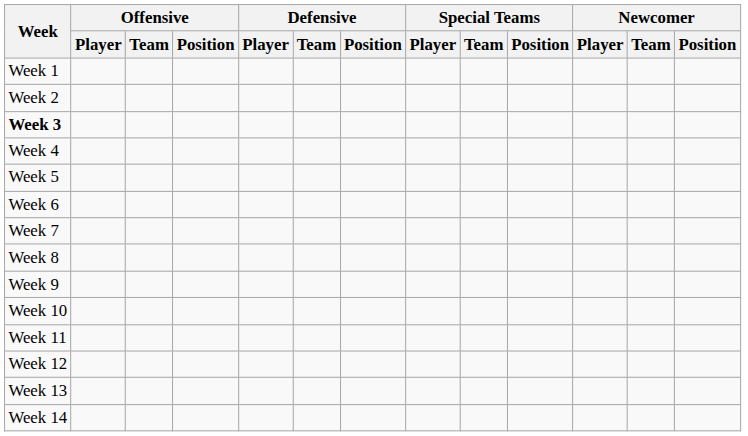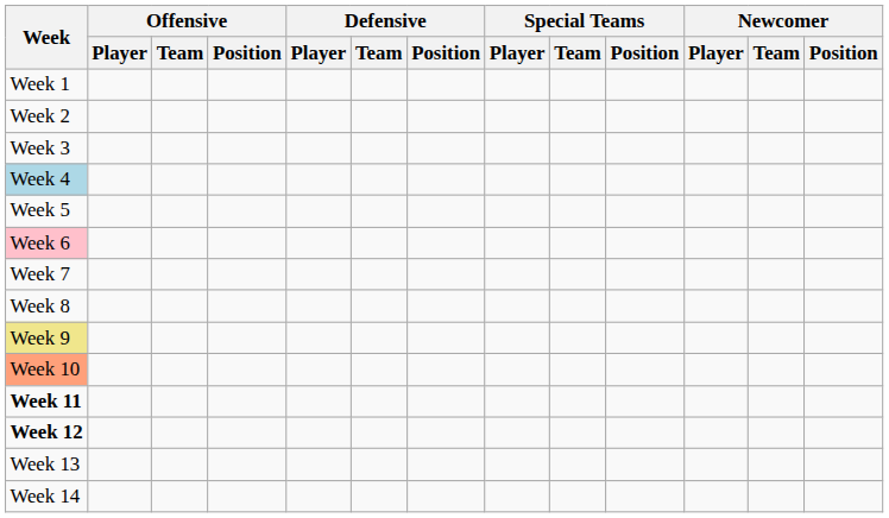 <table class="wikitable">
 <tr>
 <th rowspan="2">Week</th>
 <th colspan="3">Offensive</th>
 <th colspan="3">Defensive</th>
 <th colspan="3">Special Teams</th>
 <th colspan="3">Newcomer</th>
 </tr>
 <tr>
 <th>Player</th>
 <th>Team</th>
 <th>Position</th>
 <th>Player</th>
 <th>Team</th>
 <th>Position</th>
 <th>Player</th>
 <th>Team</th>
 <th>Position</th>
 <th>Player</th>
 <th>Team</th>
 <th>Position</th>
 </tr>
 <tr>
 <td>Week 1</td>
 <td></td>
 <td></td>
 <td></td>
 <td></td>
 <td></td>
 <td></td>
 <td></td>
 <td></td>
 <td></td>
 <td></td>
 <td></td>
 <td></td>
 </tr>
 <tr>
 <td>Week 2</td>
 <td></td>
 <td></td>
 <td></td>
 <td></td>
 <td></td>
 <td></td>
 <td></td>
 <td></td>
 <td></td>
 <td></td>
 <td></td>
 <td></td>
 </tr>
 <tr>
-<td><strong>Week 3</strong></td>
+<td>Week 3</td>
 <td></td>
 <td></td>
 <td></td>
 <td></td>
 <td></td>
 <td></td>
 <td></td>
 <td></td>
 <td></td>
 <td></td>
 <td></td>
 <td></td>
 </tr>
 <tr>
-<td>Week 4</td>
+<td style="background: lightblue;">Week 4</td>
 <td></td>
 <td></td>
 <td></td>
 <td></td>
 <td></td>
 <td></td>
 <td></td>
 <td></td>
 <td></td>
 <td></td>
 <td></td>
 <td></td>
 </tr>
 <tr>
 <td>Week 5</td>
 <td></td>
 <td></td>
 <td></td>
 <td></td>
 <td></td>
 <td></td>
 <td></td>
 <td></td>
 <td></td>
 <td></td>
 <td></td>
 <td></td>
 </tr>
 <tr>
-<td>Week 6</td>
+<td style="background: pink;">Week 6</td>
 <td></td>
 <td></td>
 <td></td>
 <td></td>
 <td></td>
 <td></td>
 <td></td>
 <td></td>
 <td></td>
 <td></td>
 <td></td>
 <td></td>
 </tr>
 <tr>
 <td>Week 7</td>
 <td></td>
 <td></td>
 <td></td>
 <td></td>
 <td></td>
 <td></td>
 <td></td>
 <td></td>
 <td></td>
 <td></td>
 <td></td>
 <td></td>
 </tr>
 <tr>
 <td>Week 8</td>
 <td></td>
 <td></td>
 <td></td>
 <td></td>
 <td></td>
 <td></td>
 <td></td>
 <td></td>
 <td></td>
 <td></td>
 <td></td>
 <td></td>
 </tr>
 <tr>
-<td>Week 9</td>
+<td style="background: khaki;">Week 9</td>
 <td></td>
 <td></td>
 <td></td>
 <td></td>
 <td></td>
 <td></td>
 <td></td>
 <td></td>
 <td></td>
 <td></td>
 <td></td>
 <td></td>
 </tr>
 <tr>
-<td>Week 10</td>
+<td style="background: lightsalmon;">Week 10</td>
 <td></td>
 <td></td>
 <td></td>
 <td></td>
 <td></td>
 <td></td>
 <td></td>
 <td></td>
 <td></td>
 <td></td>
 <td></td>
 <td></td>
 </tr>
 <tr>
-<td>Week 11</td>
+<td><strong>Week 11</strong></td>
 <td></td>
 <td></td>
 <td></td>
 <td></td>
 <td></td>
 <td></td>
 <td></td>
 <td></td>
 <td></td>
 <td></td>
 <td></td>
 <td></td>
 </tr>
 <tr>
-<td>Week 12</td>
+<td><strong>Week 12</strong></td>
 <td></td>
 <td></td>
 <td></td>
 <td></td>
 <td></td>
 <td></td>
 <td></td>
 <td></td>
 <td></td>
 <td></td>
 <td></td>
 <td></td>
 </tr>
 <tr>
 <td>Week 13</td>
 <td></td>
 <td></td>
 <td></td>
 <td></td>
 <td></td>
 <td></td>
 <td></td>
 <td></td>
 <td></td>
 <td></td>
 <td></td>
 <td></td>
 </tr>
 <tr>
 <td>Week 14</td>
 <td></td>
 <td></td>
 <td></td>
 <td></td>
 <td></td>
 <td></td>
 <td></td>
 <td></td>
 <td></td>
 <td></td>
 <td></td>
 <td></td>
 </tr>
 </table>
